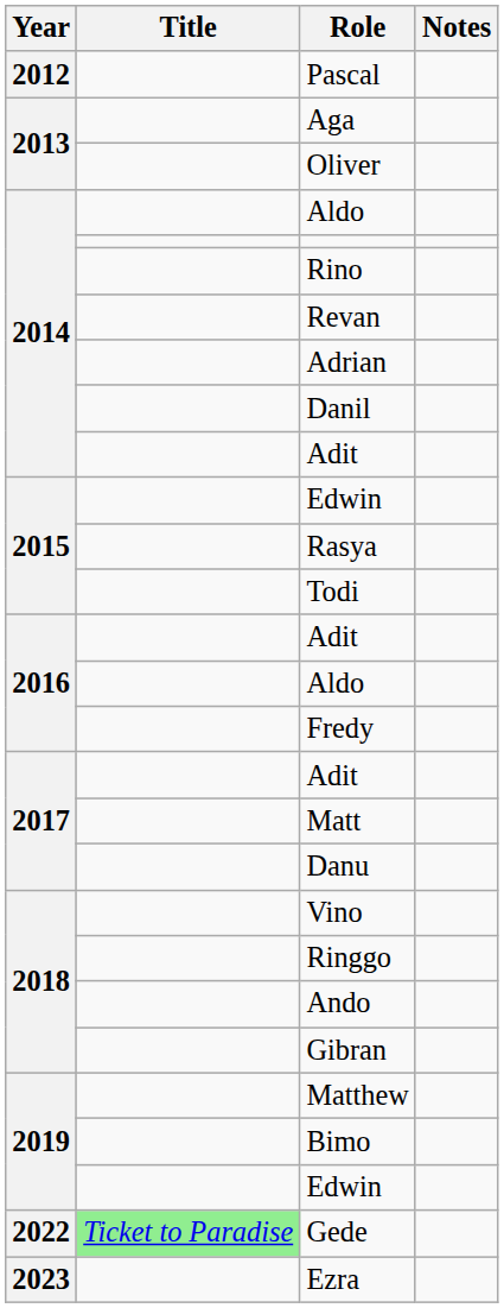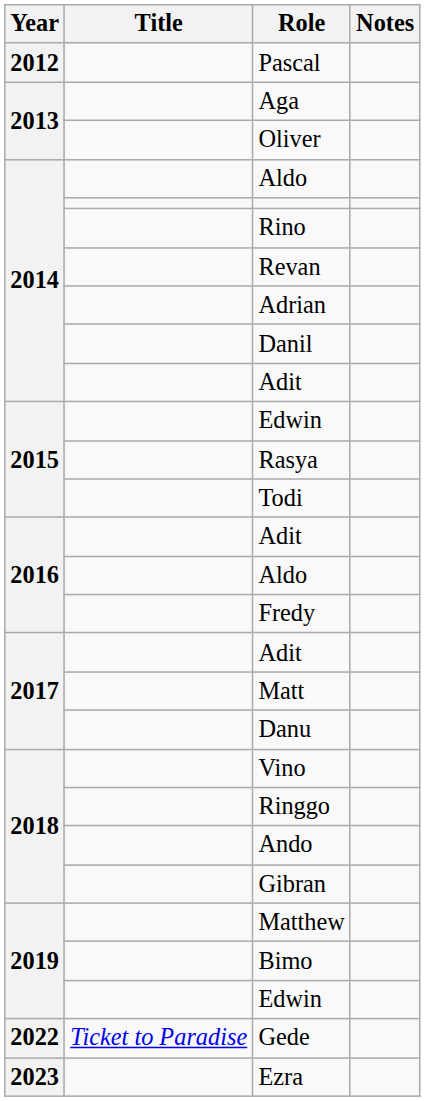 <table class="wikitable plainrowheaders">
 <tr>
 <th scope="col">Year</th>
 <th scope="col">Title</th>
 <th scope="col">Role</th>
 <th scope="col">Notes</th>
 </tr>
 <tr>
 <th scope ="row">2012</th>
 <td><em></em></td>
 <td>Pascal</td>
 <td></td>
 </tr>
 <tr>
 <th scope="row" rowspan=2>2013</th>
 <td><em></em></td>
 <td>Aga</td>
 <td></td>
 </tr>
 <tr>
 <td><em></em></td>
 <td>Oliver</td>
 <td></td>
 </tr>
 <tr>
 <th scope="row" rowspan=7>2014</th>
 <td><em></em></td>
 <td>Aldo</td>
 <td></td>
 </tr>
 <tr>
 <td><em></em></td>
 <td></td>
 <td></td>
 </tr>
 <tr>
 <td><em></em></td>
 <td>Rino</td>
 <td></td>
 </tr>
 <tr>
 <td><em></em></td>
 <td>Revan</td>
 <td></td>
 </tr>
 <tr>
 <td><em></em></td>
 <td>Adrian</td>
 <td></td>
 </tr>
 <tr>
 <td><em></em></td>
 <td>Danil</td>
 <td></td>
 </tr>
 <tr>
 <td><em></em></td>
 <td>Adit</td>
 <td></td>
 </tr>
 <tr>
 <th scope="row" rowspan="3">2015</th>
 <td><em></em></td>
 <td>Edwin</td>
 <td></td>
 </tr>
 <tr>
 <td><em></em></td>
 <td>Rasya</td>
 <td></td>
 </tr>
 <tr>
 <td><em></em></td>
 <td>Todi</td>
 <td></td>
 </tr>
 <tr>
 <th scope="row" rowspan="3">2016</th>
 <td><em></em></td>
 <td>Adit</td>
 <td></td>
 </tr>
 <tr>
 <td><em></em></td>
 <td>Aldo</td>
 <td></td>
 </tr>
 <tr>
 <td><em></em></td>
 <td>Fredy</td>
 <td></td>
 </tr>
 <tr>
 <th scope="row" rowspan=3>2017</th>
 <td><em></em></td>
 <td>Adit</td>
 <td></td>
 </tr>
 <tr>
 <td><em></em></td>
 <td>Matt</td>
 <td></td>
 </tr>
 <tr>
 <td><em></em></td>
 <td>Danu</td>
 <td></td>
 </tr>
 <tr>
 <th scope="row" rowspan=4>2018</th>
 <td><em></em></td>
 <td>Vino</td>
 <td></td>
 </tr>
 <tr>
 <td><em></em></td>
 <td>Ringgo</td>
 <td></td>
 </tr>
 <tr>
 <td><em></em></td>
 <td>Ando</td>
 <td></td>
 </tr>
 <tr>
 <td><em></em></td>
 <td>Gibran</td>
 <td></td>
 </tr>
 <tr>
 <th scope="row" rowspan=3>2019</th>
 <td><em></em></td>
 <td>Matthew</td>
 <td></td>
 </tr>
 <tr>
 <td><em></em></td>
 <td>Bimo</td>
 <td></td>
 </tr>
 <tr>
 <td><em></em></td>
 <td>Edwin</td>
 <td></td>
 </tr>
 <tr>
 <th scope="row">2022</th>
-<td style="background: lightgreen;"><em><a href='#'>Ticket to Paradise</a></em></td>
+<td><em><a href='#'>Ticket to Paradise</a></em></td>
 <td>Gede</td>
 <td></td>
 </tr>
 <tr>
 <th scope ="row">2023</th>
 <td><em></em></td>
 <td>Ezra</td>
 </tr>
 </table>
